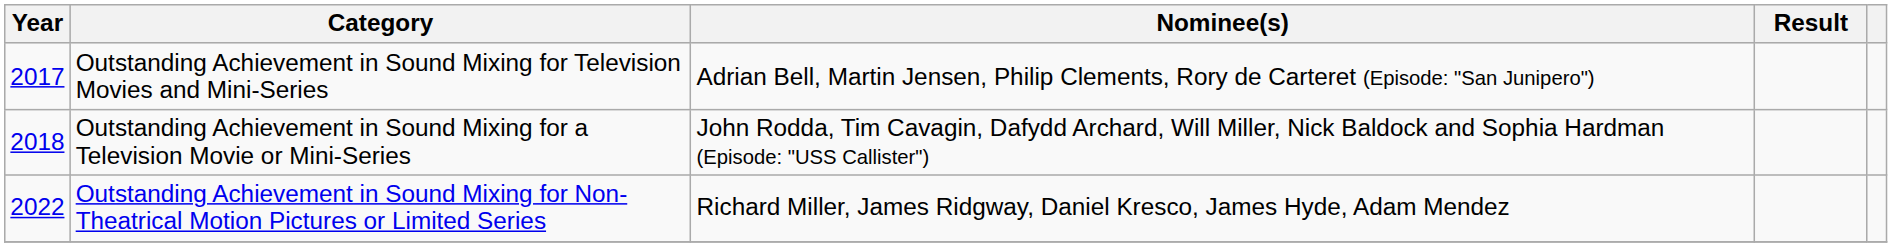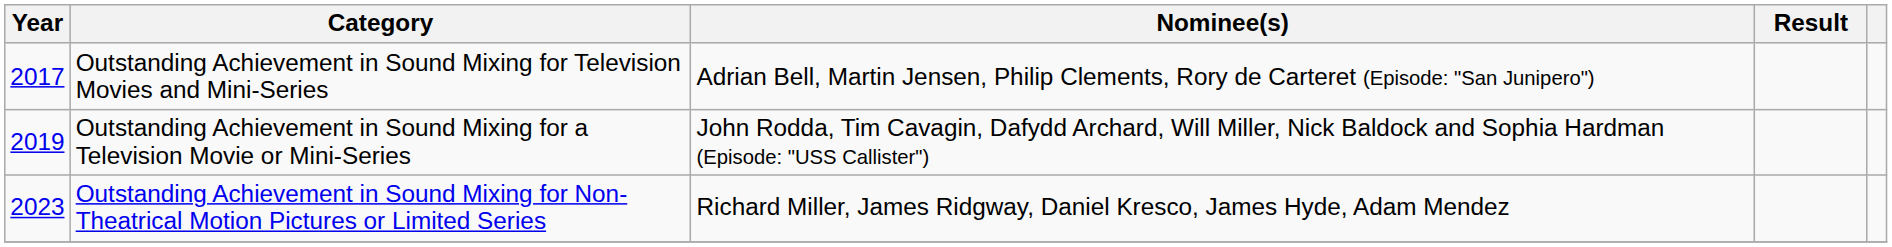 <table class="wikitable sortable" style="width:98%; summary:Black Mirror won one of three awards.">
 <tr>
 <th scope="col" style="width:3%;">Year</th>
 <th scope="col" style="width:33%;">Category</th>
 <th>Nominee(s)</th>
 <th scope="col" style="width:6%;">Result</th>
 <th scope="col" class="unsortable" style="width:1%;"></th>
 </tr>
 <tr>
 <td style="text-align: center;"><a href='#'>2017</a></td>
 <td>Outstanding Achievement in Sound Mixing for Television Movies and Mini-Series</td>
 <td>Adrian Bell, Martin Jensen, Philip Clements, Rory de Carteret <small>(Episode: "San Junipero")</small></td>
 <td></td>
 <td align="center"></td>
 </tr>
 <tr>
-<td style="text-align: center;"><a href='#'>2018</a></td>
+<td style="text-align: center;"><a href='#'>2019</a></td>
 <td>Outstanding Achievement in Sound Mixing for a Television Movie or Mini-Series</td>
 <td>John Rodda, Tim Cavagin, Dafydd Archard, Will Miller, Nick Baldock and Sophia Hardman <small>(Episode: "USS Callister")</small></td>
 <td></td>
 <td align="center"></td>
 </tr>
 <tr>
-<td align="center"><a href='#'>2022</a></td>
+<td align="center"><a href='#'>2023</a></td>
 <td><a href='#'>Outstanding Achievement in Sound Mixing for Non-Theatrical Motion Pictures or Limited Series</a></td>
 <td>Richard Miller, James Ridgway, Daniel Kresco, James Hyde, Adam Mendez </td>
 <td></td>
 <td align="center"></td>
 </tr>
 <tr>
 </tr>
 </table>
